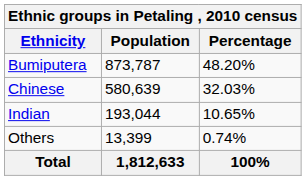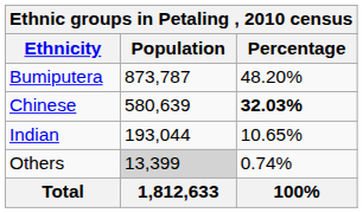 <table class="wikitable">
 <tr>
 <th style="text-align:center;" colspan="3">Ethnic groups in Petaling , 2010 census</th>
 </tr>
 <tr>
 <th><a href='#'>Ethnicity</a></th>
 <th>Population</th>
 <th>Percentage</th>
 </tr>
 <tr>
 <td><a href='#'>Bumiputera</a></td>
 <td>873,787</td>
 <td>48.20%</td>
 </tr>
 <tr>
 <td><a href='#'>Chinese</a></td>
 <td>580,639</td>
-<td>32.03%</td>
+<td><strong>32.03%</strong></td>
 </tr>
 <tr>
 <td><a href='#'>Indian</a></td>
 <td>193,044</td>
 <td>10.65%</td>
 </tr>
 <tr>
 <td>Others</td>
-<td>13,399</td>
+<td style="background: lightgrey;">13,399</td>
 <td>0.74%</td>
 </tr>
 <tr>
 <th>Total</th>
 <th>1,812,633</th>
 <th>100%</th>
 </tr>
 </table>
